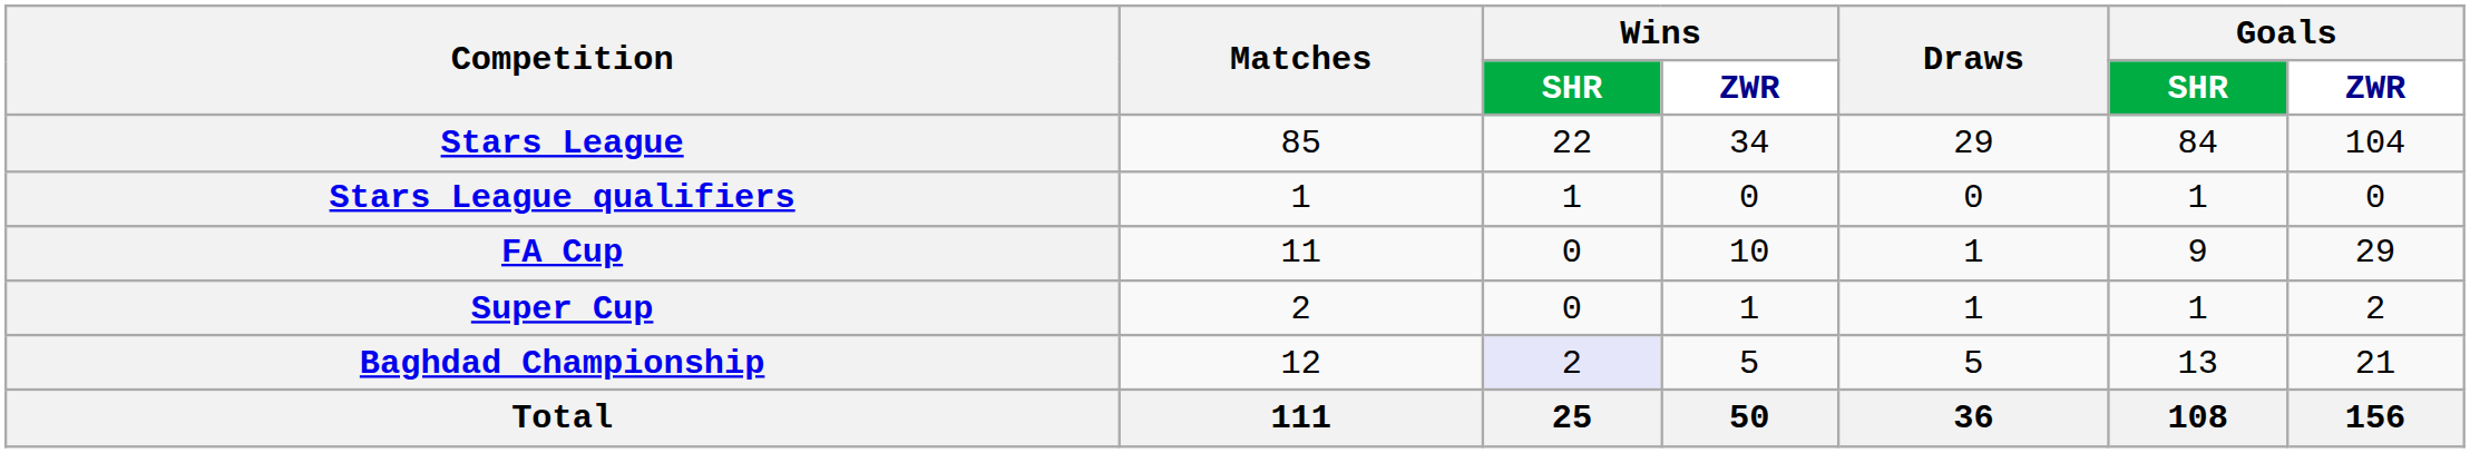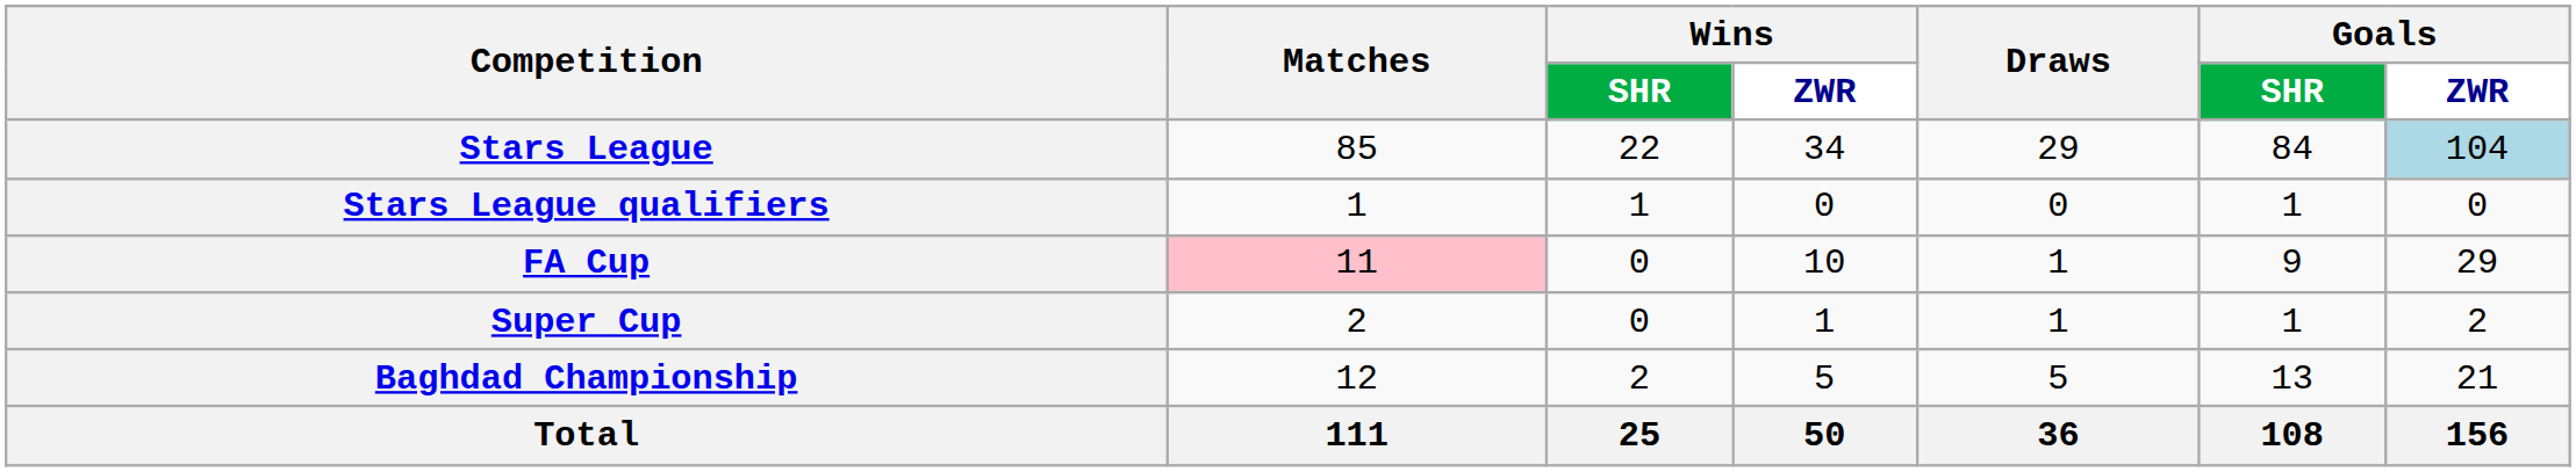 <table class="wikitable" style="font-size:100%; width: 75%; text-align: center;">
 <tr>
 <th rowspan="2">Competition</th>
 <th rowspan="2">Matches</th>
 <th colspan="2">Wins</th>
 <th rowspan="2">Draws</th>
 <th colspan="2">Goals</th>
 </tr>
 <tr>
 <th style="color:#fff; background:#00AD43;">SHR</th>
 <th style="color:#00008B; background:#fff;">ZWR</th>
 <th style="color:#fff; background:#00AD43;">SHR</th>
 <th style="color:#00008B; background:#fff;">ZWR</th>
 </tr>
 <tr>
 <th scope="row"><a href='#'>Stars League</a></th>
 <td>85</td>
 <td>22</td>
 <td>34</td>
 <td>29</td>
 <td>84</td>
-<td>104</td>
+<td style="background: lightblue;">104</td>
 </tr>
 <tr>
 <th scope="row"><a href='#'>Stars League qualifiers</a></th>
 <td>1</td>
 <td>1</td>
 <td>0</td>
 <td>0</td>
 <td>1</td>
 <td>0</td>
 </tr>
 <tr>
 <th scope="row"><a href='#'>FA Cup</a></th>
-<td>11</td>
+<td style="background: pink;">11</td>
 <td>0</td>
 <td>10</td>
 <td>1</td>
 <td>9</td>
 <td>29</td>
 </tr>
 <tr>
 <th scope="row"><a href='#'>Super Cup</a></th>
 <td>2</td>
 <td>0</td>
 <td>1</td>
 <td>1</td>
 <td>1</td>
 <td>2</td>
 </tr>
 <tr>
 <th scope="row"><a href='#'>Baghdad Championship</a></th>
 <td>12</td>
-<td style="background: lavender;">2</td>
+<td>2</td>
 <td>5</td>
 <td>5</td>
 <td>13</td>
 <td>21</td>
 </tr>
 <tr>
 <th scope="row">Total</th>
 <th>111</th>
 <th>25</th>
 <th>50</th>
 <th>36</th>
 <th>108</th>
 <th>156</th>
 </tr>
 </table>
